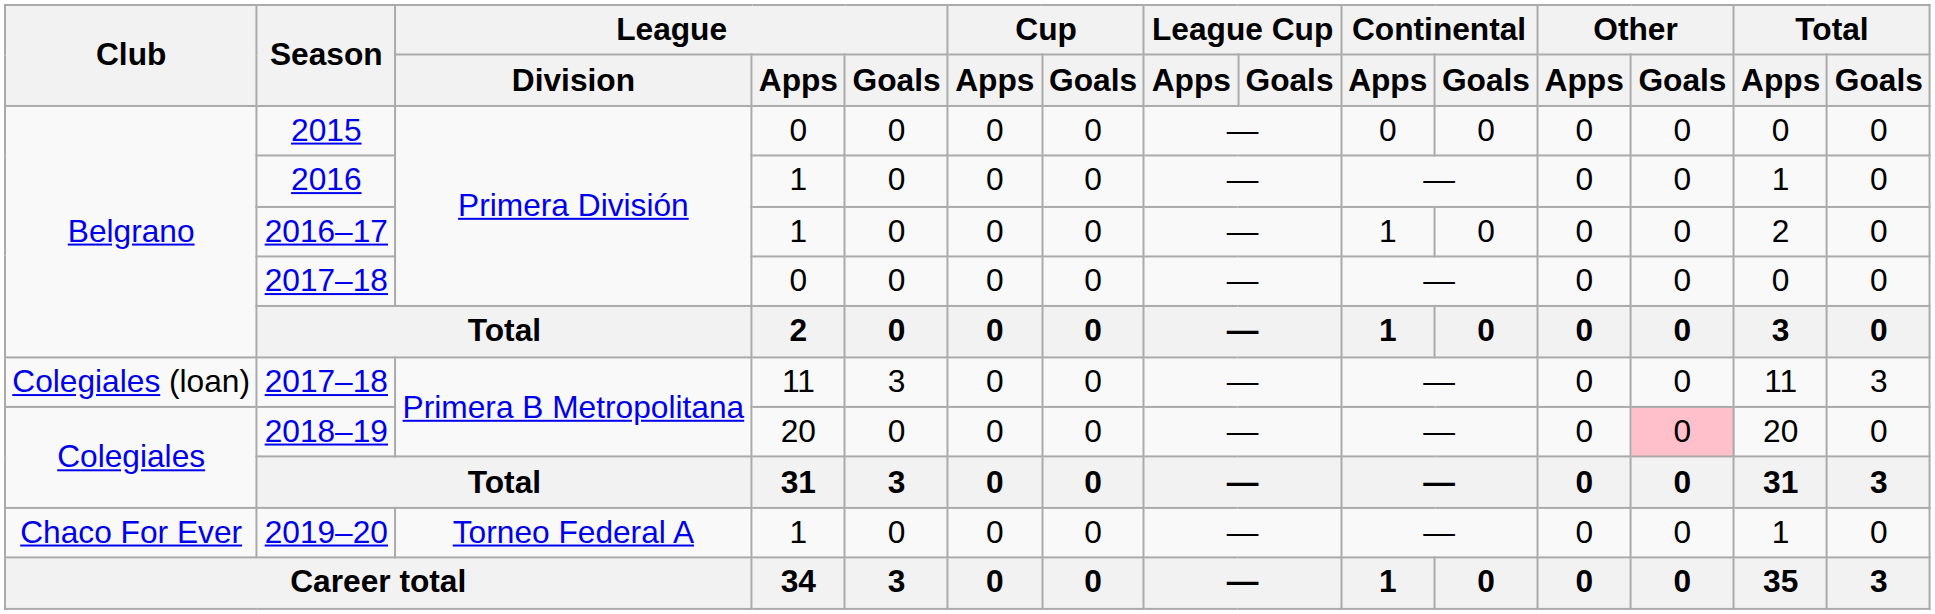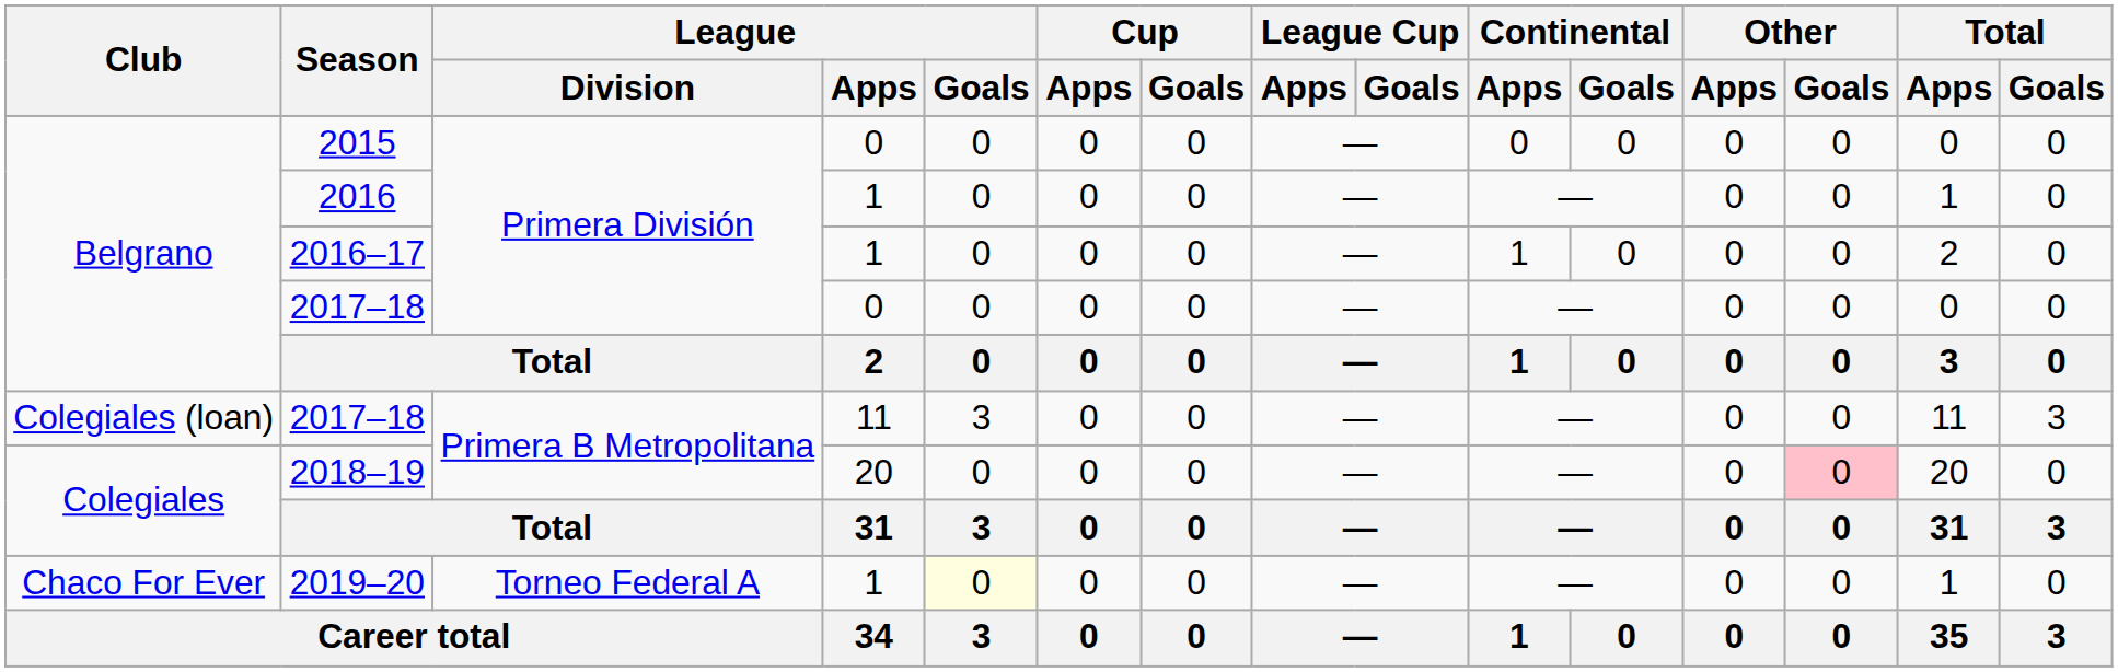 <table class="wikitable" style="text-align:center">
 <tr>
 <th rowspan="2">Club</th>
 <th rowspan="2">Season</th>
 <th colspan="3">League</th>
 <th colspan="2">Cup</th>
 <th colspan="2">League Cup</th>
 <th colspan="2">Continental</th>
 <th colspan="2">Other</th>
 <th colspan="2">Total</th>
 </tr>
 <tr>
 <th>Division</th>
 <th>Apps</th>
 <th>Goals</th>
 <th>Apps</th>
 <th>Goals</th>
 <th>Apps</th>
 <th>Goals</th>
 <th>Apps</th>
 <th>Goals</th>
 <th>Apps</th>
 <th>Goals</th>
 <th>Apps</th>
 <th>Goals</th>
 </tr>
 <tr>
 <td rowspan="5"><a href='#'>Belgrano</a></td>
 <td><a href='#'>2015</a></td>
 <td rowspan="4"><a href='#'>Primera División</a></td>
 <td>0</td>
 <td>0</td>
 <td>0</td>
 <td>0</td>
 <td colspan="2">—</td>
 <td>0</td>
 <td>0</td>
 <td>0</td>
 <td>0</td>
 <td>0</td>
 <td>0</td>
 </tr>
 <tr>
 <td><a href='#'>2016</a></td>
 <td>1</td>
 <td>0</td>
 <td>0</td>
 <td>0</td>
 <td colspan="2">—</td>
 <td colspan="2">—</td>
 <td>0</td>
 <td>0</td>
 <td>1</td>
 <td>0</td>
 </tr>
 <tr>
 <td><a href='#'>2016–17</a></td>
 <td>1</td>
 <td>0</td>
 <td>0</td>
 <td>0</td>
 <td colspan="2">—</td>
 <td>1</td>
 <td>0</td>
 <td>0</td>
 <td>0</td>
 <td>2</td>
 <td>0</td>
 </tr>
 <tr>
 <td><a href='#'>2017–18</a></td>
 <td>0</td>
 <td>0</td>
 <td>0</td>
 <td>0</td>
 <td colspan="2">—</td>
 <td colspan="2">—</td>
 <td>0</td>
 <td>0</td>
 <td>0</td>
 <td>0</td>
 </tr>
 <tr>
 <th colspan="2">Total</th>
 <th>2</th>
 <th>0</th>
 <th>0</th>
 <th>0</th>
 <th colspan="2">—</th>
 <th>1</th>
 <th>0</th>
 <th>0</th>
 <th>0</th>
 <th>3</th>
 <th>0</th>
 </tr>
 <tr>
 <td rowspan="1"><a href='#'>Colegiales</a> (loan)</td>
 <td><a href='#'>2017–18</a></td>
 <td rowspan="2"><a href='#'>Primera B Metropolitana</a></td>
 <td>11</td>
 <td>3</td>
 <td>0</td>
 <td>0</td>
 <td colspan="2">—</td>
 <td colspan="2">—</td>
 <td>0</td>
 <td>0</td>
 <td>11</td>
 <td>3</td>
 </tr>
 <tr>
 <td rowspan="2"><a href='#'>Colegiales</a></td>
 <td><a href='#'>2018–19</a></td>
 <td>20</td>
 <td>0</td>
 <td>0</td>
 <td>0</td>
 <td colspan="2">—</td>
 <td colspan="2">—</td>
 <td>0</td>
 <td style="background: pink;">0</td>
 <td>20</td>
 <td>0</td>
 </tr>
 <tr>
 <th colspan="2">Total</th>
 <th>31</th>
 <th>3</th>
 <th>0</th>
 <th>0</th>
 <th colspan="2">—</th>
 <th colspan="2">—</th>
 <th>0</th>
 <th>0</th>
 <th>31</th>
 <th>3</th>
 </tr>
 <tr>
 <td rowspan="1"><a href='#'>Chaco For Ever</a></td>
 <td><a href='#'>2019–20</a></td>
 <td rowspan="1"><a href='#'>Torneo Federal A</a></td>
 <td>1</td>
-<td>0</td>
+<td style="background: lightyellow;">0</td>
 <td>0</td>
 <td>0</td>
 <td colspan="2">—</td>
 <td colspan="2">—</td>
 <td>0</td>
 <td>0</td>
 <td>1</td>
 <td>0</td>
 </tr>
 <tr>
 <th colspan="3">Career total</th>
 <th>34</th>
 <th>3</th>
 <th>0</th>
 <th>0</th>
 <th colspan="2">—</th>
 <th>1</th>
 <th>0</th>
 <th>0</th>
 <th>0</th>
 <th>35</th>
 <th>3</th>
 </tr>
 </table>
